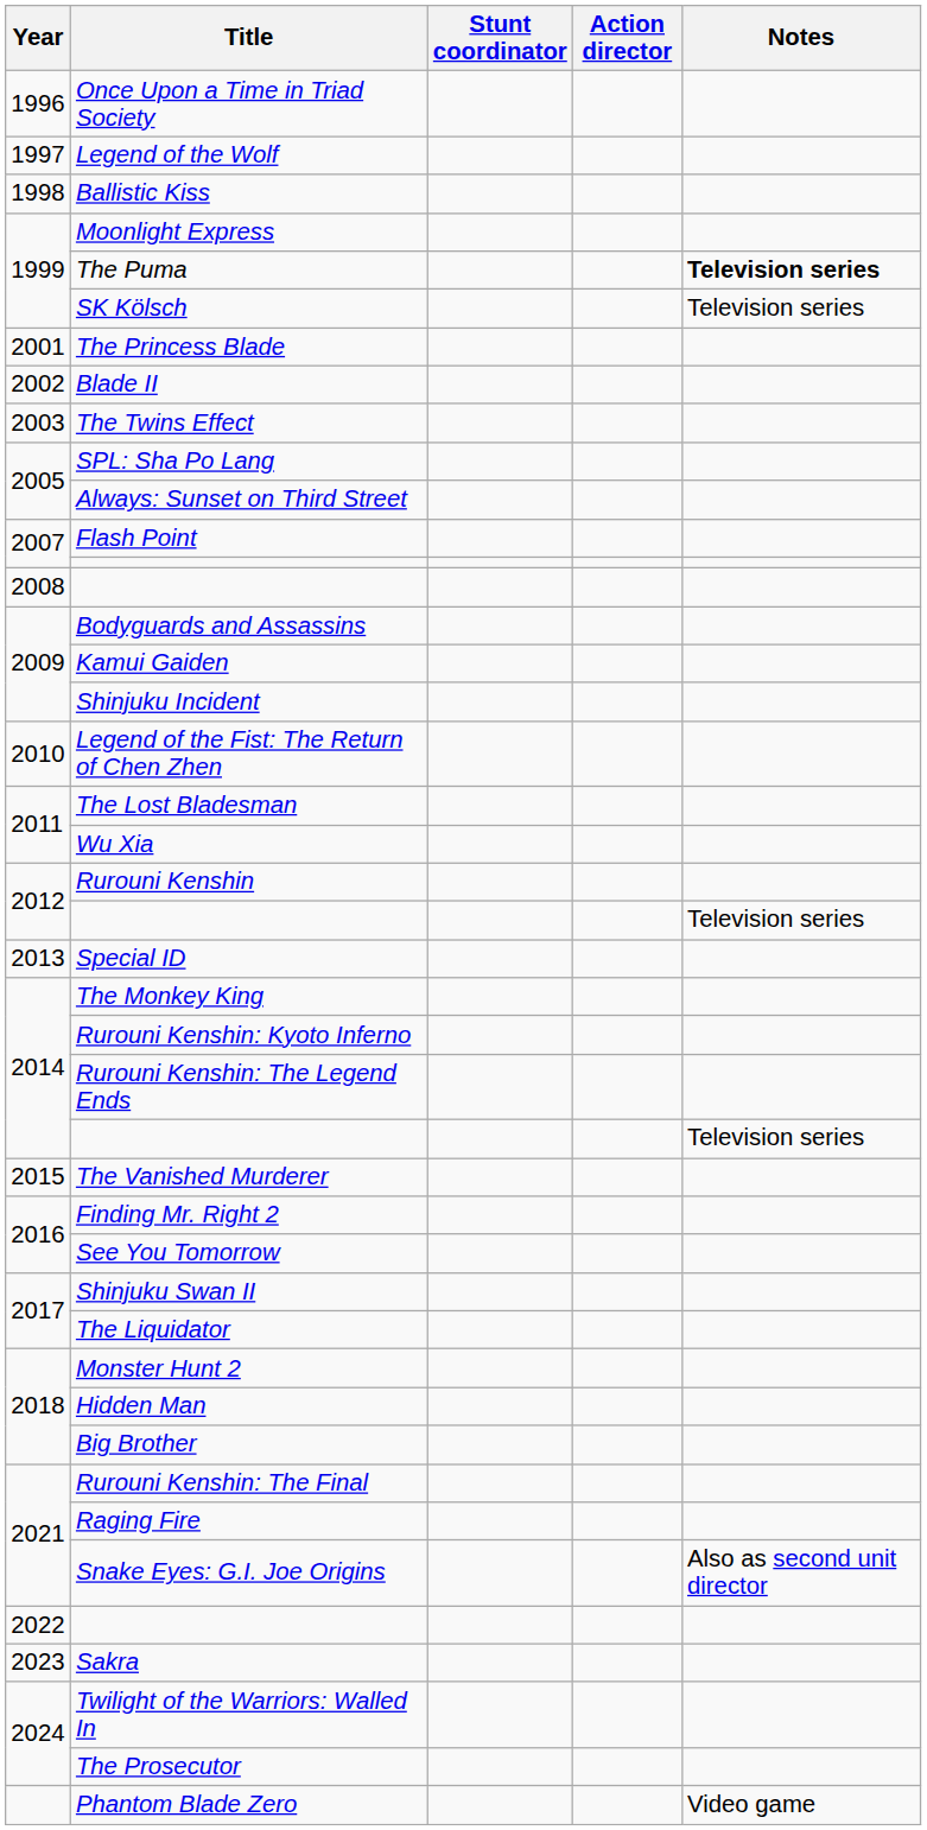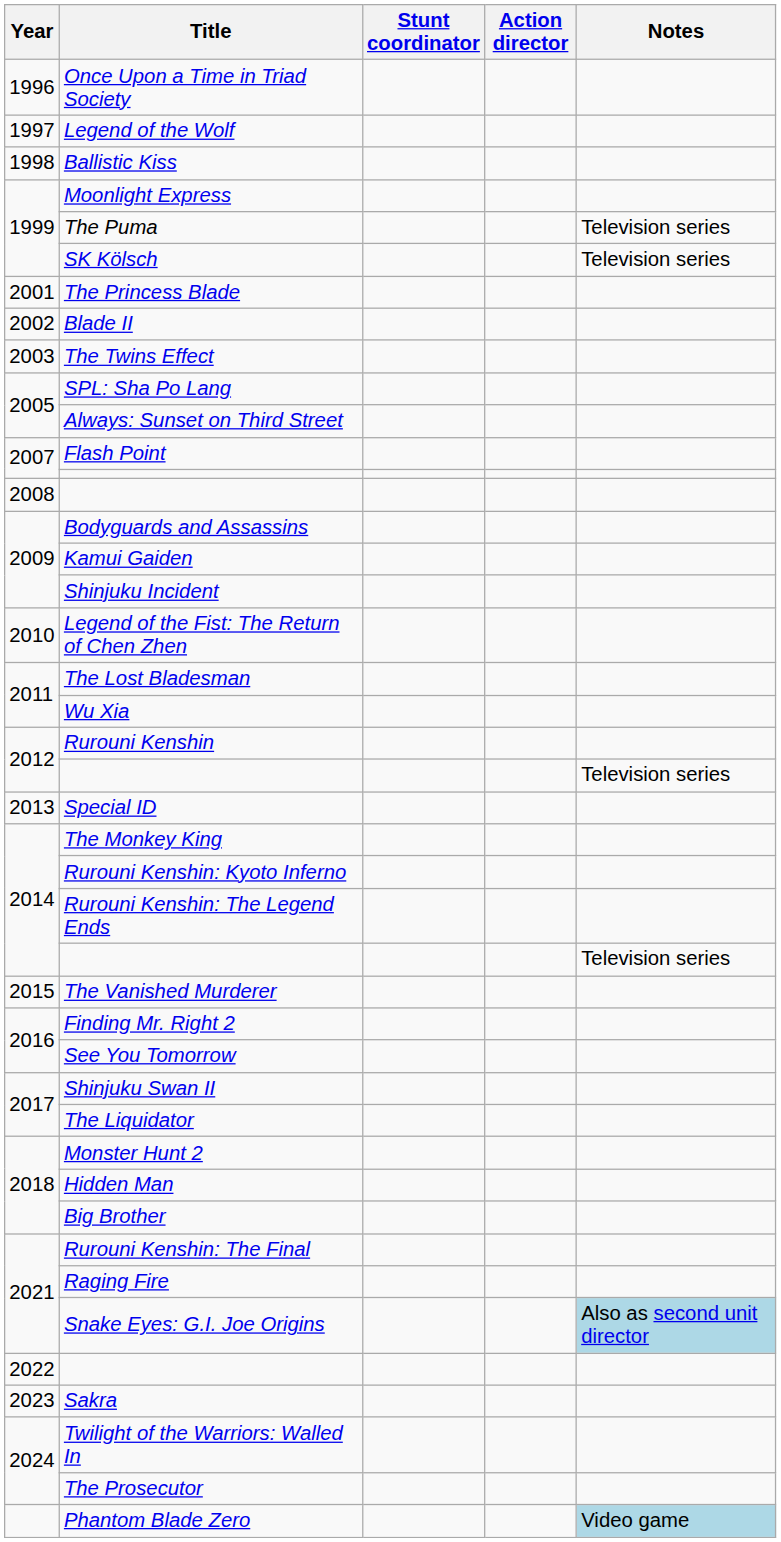 <table class="wikitable">
 <tr>
 <th>Year</th>
 <th>Title</th>
 <th style="width:65px;"><a href='#'>Stunt coordinator</a></th>
 <th style="width:65px;"><a href='#'>Action director</a></th>
 <th>Notes</th>
 </tr>
 <tr>
 <td>1996</td>
 <td><em><a href='#'>Once Upon a Time in Triad Society</a></em></td>
 <td></td>
 <td></td>
 <td></td>
 </tr>
 <tr>
 <td>1997</td>
 <td><em><a href='#'>Legend of the Wolf</a></em></td>
 <td></td>
 <td></td>
 <td></td>
 </tr>
 <tr>
 <td>1998</td>
 <td><em><a href='#'>Ballistic Kiss</a></em></td>
 <td></td>
 <td></td>
 <td></td>
 </tr>
 <tr>
 <td rowspan="3">1999</td>
 <td><em><a href='#'>Moonlight Express</a></em></td>
 <td></td>
 <td></td>
 <td></td>
 </tr>
 <tr>
 <td><em>The Puma</em></td>
 <td></td>
 <td></td>
-<td><strong>Television series</strong></td>
+<td>Television series</td>
 </tr>
 <tr>
 <td><em><a href='#'>SK Kölsch</a></em></td>
 <td></td>
 <td></td>
 <td>Television series</td>
 </tr>
 <tr>
 <td>2001</td>
 <td><em><a href='#'>The Princess Blade</a></em></td>
 <td></td>
 <td></td>
 <td></td>
 </tr>
 <tr>
 <td>2002</td>
 <td><em><a href='#'>Blade II</a></em></td>
 <td></td>
 <td></td>
 <td></td>
 </tr>
 <tr>
 <td>2003</td>
 <td><em><a href='#'>The Twins Effect</a></em></td>
 <td></td>
 <td></td>
 <td></td>
 </tr>
 <tr>
 <td rowspan="2">2005</td>
 <td><em><a href='#'>SPL: Sha Po Lang</a></em></td>
 <td></td>
 <td></td>
 <td></td>
 </tr>
 <tr>
 <td><em><a href='#'>Always: Sunset on Third Street</a></em></td>
 <td></td>
 <td></td>
 <td></td>
 </tr>
 <tr>
 <td rowspan="2">2007</td>
 <td><em><a href='#'>Flash Point</a></em></td>
 <td></td>
 <td></td>
 <td></td>
 </tr>
 <tr>
 <td><em></em></td>
 <td></td>
 <td></td>
 <td></td>
 </tr>
 <tr>
 <td>2008</td>
 <td><em></em></td>
 <td></td>
 <td></td>
 <td></td>
 </tr>
 <tr>
 <td rowspan="3">2009</td>
 <td><em><a href='#'>Bodyguards and Assassins</a></em></td>
 <td></td>
 <td></td>
 <td></td>
 </tr>
 <tr>
 <td><em><a href='#'>Kamui Gaiden</a></em></td>
 <td></td>
 <td></td>
 <td></td>
 </tr>
 <tr>
 <td><em><a href='#'>Shinjuku Incident</a></em></td>
 <td></td>
 <td></td>
 <td></td>
 </tr>
 <tr>
 <td>2010</td>
 <td><em><a href='#'>Legend of the Fist: The Return of Chen Zhen</a></em></td>
 <td></td>
 <td></td>
 <td></td>
 </tr>
 <tr>
 <td rowspan="2">2011</td>
 <td><em><a href='#'>The Lost Bladesman</a></em></td>
 <td></td>
 <td></td>
 <td></td>
 </tr>
 <tr>
 <td><em><a href='#'>Wu Xia</a></em></td>
 <td></td>
 <td></td>
 <td></td>
 </tr>
 <tr>
 <td rowspan="2">2012</td>
 <td><em><a href='#'>Rurouni Kenshin</a></em></td>
 <td></td>
 <td></td>
 <td></td>
 </tr>
 <tr>
 <td><em></em></td>
 <td></td>
 <td></td>
 <td>Television series</td>
 </tr>
 <tr>
 <td>2013</td>
 <td><em><a href='#'>Special ID</a></em></td>
 <td></td>
 <td></td>
 <td></td>
 </tr>
 <tr>
 <td rowspan="4">2014</td>
 <td><em><a href='#'>The Monkey King</a></em></td>
 <td></td>
 <td></td>
 <td></td>
 </tr>
 <tr>
 <td><em><a href='#'>Rurouni Kenshin: Kyoto Inferno</a></em></td>
 <td></td>
 <td></td>
 <td></td>
 </tr>
 <tr>
 <td><em><a href='#'>Rurouni Kenshin: The Legend Ends</a></em></td>
 <td></td>
 <td></td>
 <td></td>
 </tr>
 <tr>
 <td><em></em></td>
 <td></td>
 <td></td>
 <td>Television series</td>
 </tr>
 <tr>
 <td>2015</td>
 <td><em><a href='#'>The Vanished Murderer</a></em></td>
 <td></td>
 <td></td>
 <td></td>
 </tr>
 <tr>
 <td rowspan="2">2016</td>
 <td><em><a href='#'>Finding Mr. Right 2</a></em></td>
 <td></td>
 <td></td>
 <td></td>
 </tr>
 <tr>
 <td><em><a href='#'>See You Tomorrow</a></em></td>
 <td></td>
 <td></td>
 <td></td>
 </tr>
 <tr>
 <td rowspan="2">2017</td>
 <td><em><a href='#'>Shinjuku Swan II</a></em></td>
 <td></td>
 <td></td>
 <td></td>
 </tr>
 <tr>
 <td><em><a href='#'>The Liquidator</a></em></td>
 <td></td>
 <td></td>
 <td></td>
 </tr>
 <tr>
 <td rowspan="3">2018</td>
 <td><em><a href='#'>Monster Hunt 2</a></em></td>
 <td></td>
 <td></td>
 <td></td>
 </tr>
 <tr>
 <td><em><a href='#'>Hidden Man</a></em></td>
 <td></td>
 <td></td>
 <td></td>
 </tr>
 <tr>
 <td><em><a href='#'>Big Brother</a></em></td>
 <td></td>
 <td></td>
 <td></td>
 </tr>
 <tr>
 <td rowspan="3">2021</td>
 <td><em><a href='#'>Rurouni Kenshin: The Final</a></em></td>
 <td></td>
 <td></td>
 <td></td>
 </tr>
 <tr>
 <td><em><a href='#'>Raging Fire</a></em></td>
 <td></td>
 <td></td>
 <td></td>
 </tr>
 <tr>
 <td><em><a href='#'>Snake Eyes: G.I. Joe Origins</a></em></td>
 <td></td>
 <td></td>
-<td>Also as <a href='#'>second unit director</a></td>
+<td style="background: lightblue;">Also as <a href='#'>second unit director</a></td>
 </tr>
 <tr>
 <td>2022</td>
 <td><em></em></td>
 <td></td>
 <td></td>
 <td></td>
 </tr>
 <tr>
 <td>2023</td>
 <td><em><a href='#'>Sakra</a></em></td>
 <td></td>
 <td></td>
 <td></td>
 </tr>
 <tr>
 <td rowspan="2">2024</td>
 <td><em><a href='#'>Twilight of the Warriors: Walled In</a></em></td>
 <td></td>
 <td></td>
 <td></td>
 </tr>
 <tr>
 <td><em><a href='#'>The Prosecutor</a></em></td>
 <td></td>
 <td></td>
 <td></td>
 </tr>
 <tr>
 <td></td>
 <td><em><a href='#'>Phantom Blade Zero</a></em></td>
 <td></td>
 <td></td>
-<td>Video game</td>
+<td style="background: lightblue;">Video game</td>
 </tr>
 </table>
